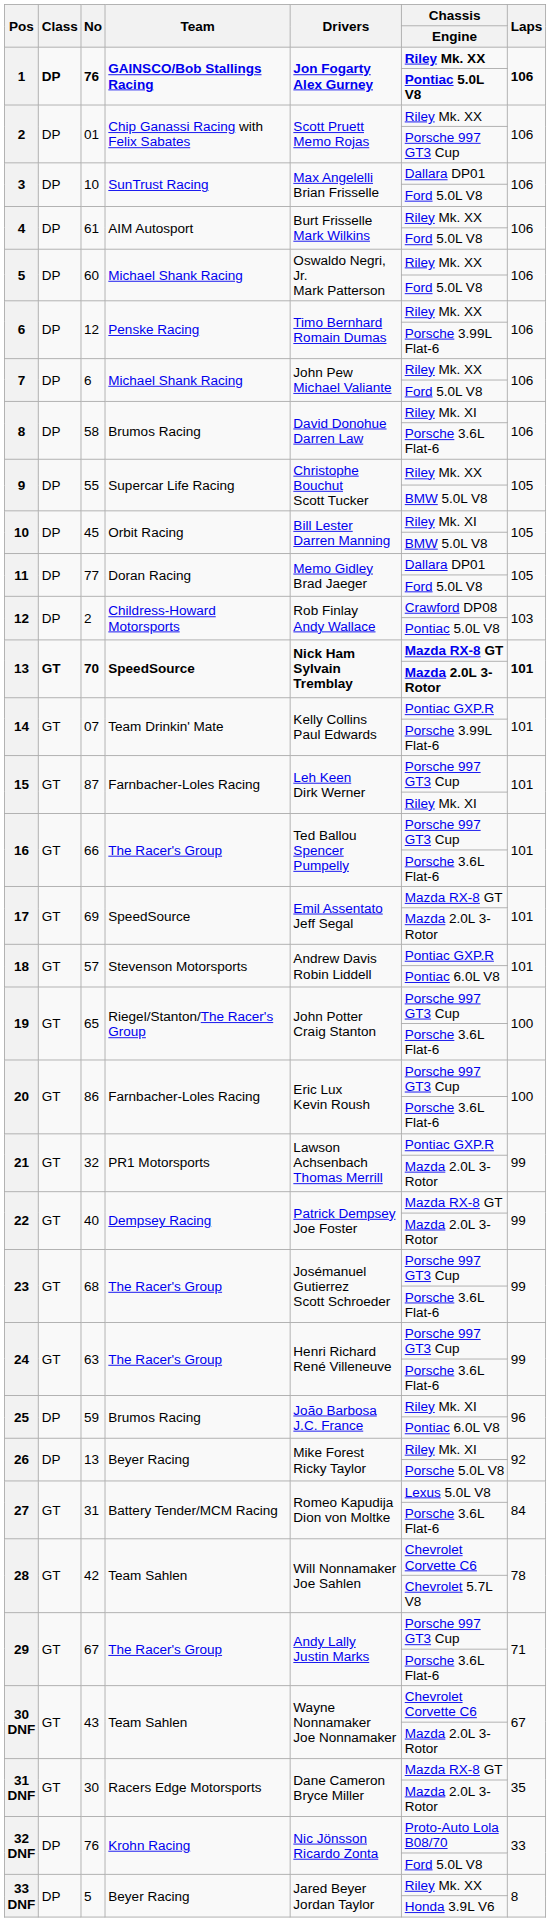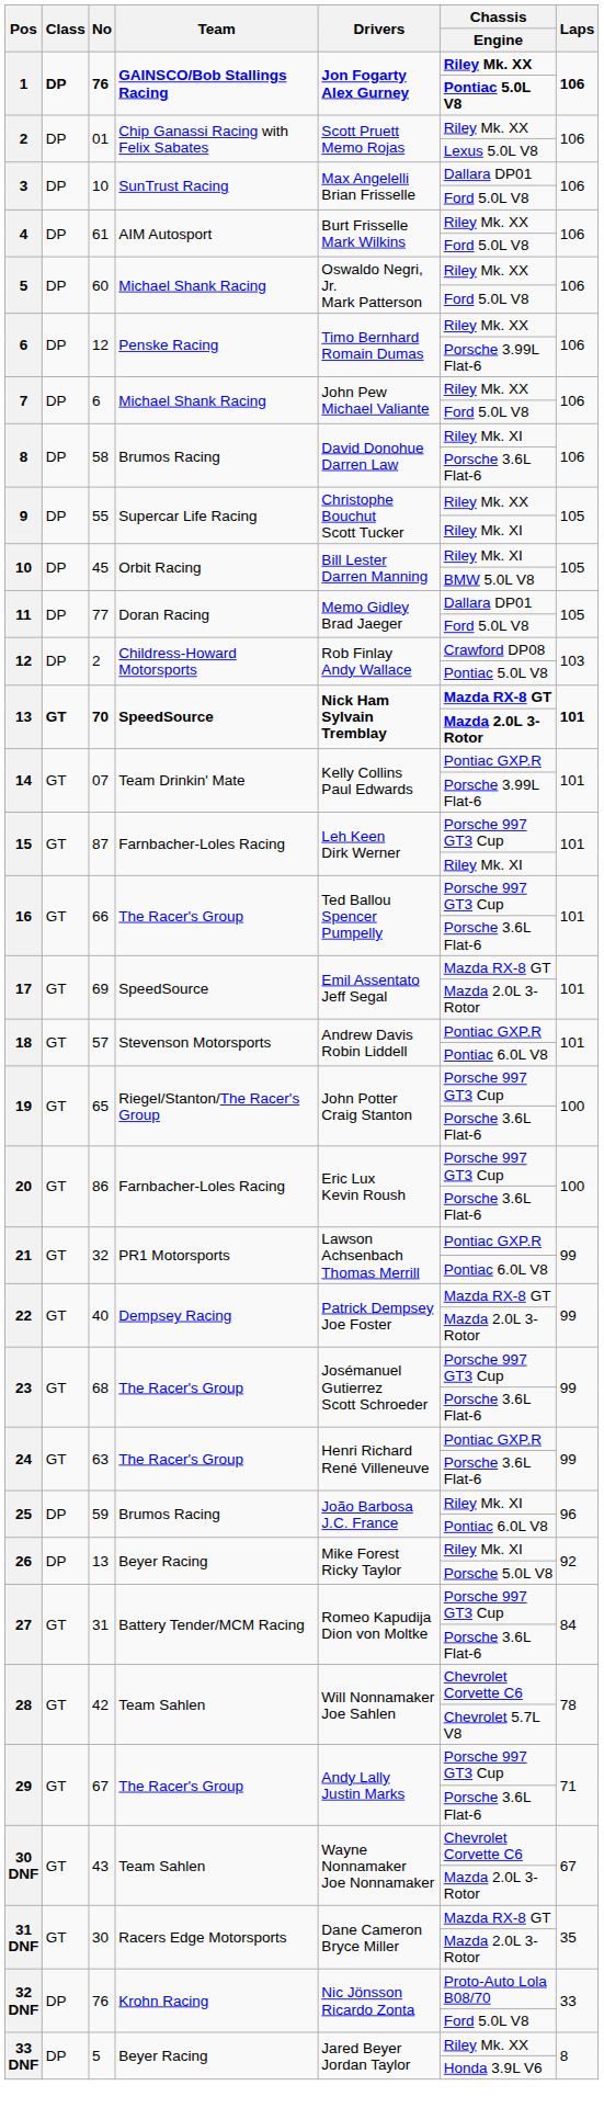 <table class="wikitable" style="font-size: 95%;">
 <tr>
 <th rowspan=2>Pos</th>
 <th rowspan=2>Class</th>
 <th rowspan=2>No</th>
 <th rowspan=2>Team</th>
 <th rowspan=2>Drivers</th>
 <th>Chassis</th>
 <th rowspan=2>Laps</th>
 </tr>
 <tr>
 <th>Engine</th>
 </tr>
 <tr style="font-weight:bold">
 <th rowspan=2>1</th>
 <td rowspan=2>DP</td>
 <td rowspan=2>76</td>
 <td rowspan=2><a href='#'>GAINSCO/Bob Stallings Racing</a></td>
 <td rowspan=2> <a href='#'>Jon Fogarty</a><br> <a href='#'>Alex Gurney</a></td>
 <td><a href='#'>Riley</a> Mk. XX</td>
 <td rowspan=2>106</td>
 </tr>
 <tr style="font-weight:bold">
 <td><a href='#'>Pontiac</a> 5.0L V8</td>
 </tr>
 <tr>
 <th rowspan=2>2</th>
 <td rowspan=2>DP</td>
 <td rowspan=2>01</td>
 <td rowspan=2><a href='#'>Chip Ganassi Racing</a> with <a href='#'>Felix Sabates</a></td>
 <td rowspan=2> <a href='#'>Scott Pruett</a><br> <a href='#'>Memo Rojas</a></td>
 <td><a href='#'>Riley</a> Mk. XX</td>
 <td rowspan=2>106</td>
 </tr>
 <tr>
-<td><a href='#'>Porsche 997 GT3</a> Cup</td>
+<td><a href='#'>Lexus</a> 5.0L V8</td>
 </tr>
 <tr>
 <th rowspan=2>3</th>
 <td rowspan=2>DP</td>
 <td rowspan=2>10</td>
 <td rowspan=2><a href='#'>SunTrust Racing</a></td>
 <td rowspan=2> <a href='#'>Max Angelelli</a><br> Brian Frisselle</td>
 <td><a href='#'>Dallara</a> DP01</td>
 <td rowspan=2>106</td>
 </tr>
 <tr>
 <td><a href='#'>Ford</a> 5.0L V8</td>
 </tr>
 <tr>
 <th rowspan=2>4</th>
 <td rowspan=2>DP</td>
 <td rowspan=2>61</td>
 <td rowspan=2>AIM Autosport</td>
 <td rowspan=2> Burt Frisselle<br> <a href='#'>Mark Wilkins</a></td>
 <td><a href='#'>Riley</a> Mk. XX</td>
 <td rowspan=2>106</td>
 </tr>
 <tr>
 <td><a href='#'>Ford</a> 5.0L V8</td>
 </tr>
 <tr>
 <th rowspan=2>5</th>
 <td rowspan=2>DP</td>
 <td rowspan=2>60</td>
 <td rowspan=2><a href='#'>Michael Shank Racing</a></td>
 <td rowspan=2> Oswaldo Negri, Jr.<br> Mark Patterson</td>
 <td><a href='#'>Riley</a> Mk. XX</td>
 <td rowspan=2>106</td>
 </tr>
 <tr>
 <td><a href='#'>Ford</a> 5.0L V8</td>
 </tr>
 <tr>
 <th rowspan=2>6</th>
 <td rowspan=2>DP</td>
 <td rowspan=2>12</td>
 <td rowspan=2><a href='#'>Penske Racing</a></td>
 <td rowspan=2> <a href='#'>Timo Bernhard</a><br> <a href='#'>Romain Dumas</a></td>
 <td><a href='#'>Riley</a> Mk. XX</td>
 <td rowspan=2>106</td>
 </tr>
 <tr>
 <td><a href='#'>Porsche</a> 3.99L Flat-6</td>
 </tr>
 <tr>
 <th rowspan=2>7</th>
 <td rowspan=2>DP</td>
 <td rowspan=2>6</td>
 <td rowspan=2><a href='#'>Michael Shank Racing</a></td>
 <td rowspan=2> John Pew<br> <a href='#'>Michael Valiante</a></td>
 <td><a href='#'>Riley</a> Mk. XX</td>
 <td rowspan=2>106</td>
 </tr>
 <tr>
 <td><a href='#'>Ford</a> 5.0L V8</td>
 </tr>
 <tr>
 <th rowspan=2>8</th>
 <td rowspan=2>DP</td>
 <td rowspan=2>58</td>
 <td rowspan=2>Brumos Racing</td>
 <td rowspan=2> <a href='#'>David Donohue</a><br> <a href='#'>Darren Law</a></td>
 <td><a href='#'>Riley</a> Mk. XI</td>
 <td rowspan=2>106</td>
 </tr>
 <tr>
 <td><a href='#'>Porsche</a> 3.6L Flat-6</td>
 </tr>
 <tr>
 <th rowspan=2>9</th>
 <td rowspan=2>DP</td>
 <td rowspan=2>55</td>
 <td rowspan=2>Supercar Life Racing</td>
 <td rowspan=2> <a href='#'>Christophe Bouchut</a><br> Scott Tucker</td>
 <td><a href='#'>Riley</a> Mk. XX</td>
 <td rowspan=2>105</td>
 </tr>
 <tr>
-<td><a href='#'>BMW</a> 5.0L V8</td>
+<td><a href='#'>Riley</a> Mk. XI</td>
 </tr>
 <tr>
 <th rowspan=2>10</th>
 <td rowspan=2>DP</td>
 <td rowspan=2>45</td>
 <td rowspan=2>Orbit Racing</td>
 <td rowspan=2> <a href='#'>Bill Lester</a><br> <a href='#'>Darren Manning</a></td>
 <td><a href='#'>Riley</a> Mk. XI</td>
 <td rowspan=2>105</td>
 </tr>
 <tr>
 <td><a href='#'>BMW</a> 5.0L V8</td>
 </tr>
 <tr>
 <th rowspan=2>11</th>
 <td rowspan=2>DP</td>
 <td rowspan=2>77</td>
 <td rowspan=2>Doran Racing</td>
 <td rowspan=2> <a href='#'>Memo Gidley</a><br> Brad Jaeger</td>
 <td><a href='#'>Dallara</a> DP01</td>
 <td rowspan=2>105</td>
 </tr>
 <tr>
 <td><a href='#'>Ford</a> 5.0L V8</td>
 </tr>
 <tr>
 <th rowspan=2>12</th>
 <td rowspan=2>DP</td>
 <td rowspan=2>2</td>
 <td rowspan=2><a href='#'>Childress-Howard Motorsports</a></td>
 <td rowspan=2> Rob Finlay<br> <a href='#'>Andy Wallace</a></td>
 <td><a href='#'>Crawford</a> DP08</td>
 <td rowspan=2>103</td>
 </tr>
 <tr>
 <td><a href='#'>Pontiac</a> 5.0L V8</td>
 </tr>
 <tr style="font-weight:bold">
 <th rowspan=2>13</th>
 <td rowspan=2>GT</td>
 <td rowspan=2>70</td>
 <td rowspan=2>SpeedSource</td>
 <td rowspan=2> Nick Ham<br> Sylvain Tremblay</td>
 <td><a href='#'>Mazda RX-8</a> GT</td>
 <td rowspan=2>101</td>
 </tr>
 <tr style="font-weight:bold">
 <td><a href='#'>Mazda</a> 2.0L 3-Rotor</td>
 </tr>
 <tr>
 <th rowspan=2>14</th>
 <td rowspan=2>GT</td>
 <td rowspan=2>07</td>
 <td rowspan=2>Team Drinkin' Mate</td>
 <td rowspan=2> Kelly Collins<br> Paul Edwards</td>
 <td><a href='#'>Pontiac GXP.R</a></td>
 <td rowspan=2>101</td>
 </tr>
 <tr>
 <td><a href='#'>Porsche</a> 3.99L Flat-6</td>
 </tr>
 <tr>
 <th rowspan=2>15</th>
 <td rowspan=2>GT</td>
 <td rowspan=2>87</td>
 <td rowspan=2>Farnbacher-Loles Racing</td>
 <td rowspan=2> <a href='#'>Leh Keen</a><br> Dirk Werner</td>
 <td><a href='#'>Porsche 997 GT3</a> Cup</td>
 <td rowspan=2>101</td>
 </tr>
 <tr>
 <td><a href='#'>Riley</a> Mk. XI</td>
 </tr>
 <tr>
 <th rowspan=2>16</th>
 <td rowspan=2>GT</td>
 <td rowspan=2>66</td>
 <td rowspan=2><a href='#'>The Racer's Group</a></td>
 <td rowspan=2> Ted Ballou<br> <a href='#'>Spencer Pumpelly</a></td>
 <td><a href='#'>Porsche 997 GT3</a> Cup</td>
 <td rowspan=2>101</td>
 </tr>
 <tr>
 <td><a href='#'>Porsche</a> 3.6L Flat-6</td>
 </tr>
 <tr>
 <th rowspan=2>17</th>
 <td rowspan=2>GT</td>
 <td rowspan=2>69</td>
 <td rowspan=2>SpeedSource</td>
 <td rowspan=2> <a href='#'>Emil Assentato</a><br> Jeff Segal</td>
 <td><a href='#'>Mazda RX-8</a> GT</td>
 <td rowspan=2>101</td>
 </tr>
 <tr>
 <td><a href='#'>Mazda</a> 2.0L 3-Rotor</td>
 </tr>
 <tr>
 <th rowspan=2>18</th>
 <td rowspan=2>GT</td>
 <td rowspan=2>57</td>
 <td rowspan=2>Stevenson Motorsports</td>
 <td rowspan=2> Andrew Davis<br> Robin Liddell</td>
 <td><a href='#'>Pontiac GXP.R</a></td>
 <td rowspan=2>101</td>
 </tr>
 <tr>
 <td><a href='#'>Pontiac</a> 6.0L V8</td>
 </tr>
 <tr>
 <th rowspan=2>19</th>
 <td rowspan=2>GT</td>
 <td rowspan=2>65</td>
 <td rowspan=2>Riegel/Stanton/<a href='#'>The Racer's Group</a></td>
 <td rowspan=2> John Potter<br> Craig Stanton</td>
 <td><a href='#'>Porsche 997 GT3</a> Cup</td>
 <td rowspan=2>100</td>
 </tr>
 <tr>
 <td><a href='#'>Porsche</a> 3.6L Flat-6</td>
 </tr>
 <tr>
 <th rowspan=2>20</th>
 <td rowspan=2>GT</td>
 <td rowspan=2>86</td>
 <td rowspan=2>Farnbacher-Loles Racing</td>
 <td rowspan=2> Eric Lux<br> Kevin Roush</td>
 <td><a href='#'>Porsche 997 GT3</a> Cup</td>
 <td rowspan=2>100</td>
 </tr>
 <tr>
 <td><a href='#'>Porsche</a> 3.6L Flat-6</td>
 </tr>
 <tr>
 <th rowspan=2>21</th>
 <td rowspan=2>GT</td>
 <td rowspan=2>32</td>
 <td rowspan=2>PR1 Motorsports</td>
 <td rowspan=2> Lawson Achsenbach<br> <a href='#'>Thomas Merrill</a></td>
 <td><a href='#'>Pontiac GXP.R</a></td>
 <td rowspan=2>99</td>
 </tr>
 <tr>
-<td><a href='#'>Mazda</a> 2.0L 3-Rotor</td>
+<td><a href='#'>Pontiac</a> 6.0L V8</td>
 </tr>
 <tr>
 <th rowspan=2>22</th>
 <td rowspan=2>GT</td>
 <td rowspan=2>40</td>
 <td rowspan=2><a href='#'>Dempsey Racing</a></td>
 <td rowspan=2> <a href='#'>Patrick Dempsey</a><br> Joe Foster</td>
 <td><a href='#'>Mazda RX-8</a> GT</td>
 <td rowspan=2>99</td>
 </tr>
 <tr>
 <td><a href='#'>Mazda</a> 2.0L 3-Rotor</td>
 </tr>
 <tr>
 <th rowspan=2>23</th>
 <td rowspan=2>GT</td>
 <td rowspan=2>68</td>
 <td rowspan=2><a href='#'>The Racer's Group</a></td>
 <td rowspan=2> Josémanuel Gutierrez<br> Scott Schroeder</td>
 <td><a href='#'>Porsche 997 GT3</a> Cup</td>
 <td rowspan=2>99</td>
 </tr>
 <tr>
 <td><a href='#'>Porsche</a> 3.6L Flat-6</td>
 </tr>
 <tr>
 <th rowspan=2>24</th>
 <td rowspan=2>GT</td>
 <td rowspan=2>63</td>
 <td rowspan=2><a href='#'>The Racer's Group</a></td>
 <td rowspan=2> Henri Richard<br> René Villeneuve</td>
-<td><a href='#'>Porsche 997 GT3</a> Cup</td>
+<td><a href='#'>Pontiac GXP.R</a></td>
 <td rowspan=2>99</td>
 </tr>
 <tr>
 <td><a href='#'>Porsche</a> 3.6L Flat-6</td>
 </tr>
 <tr>
 <th rowspan=2>25</th>
 <td rowspan=2>DP</td>
 <td rowspan=2>59</td>
 <td rowspan=2>Brumos Racing</td>
 <td rowspan=2> <a href='#'>João Barbosa</a><br> <a href='#'>J.C. France</a></td>
 <td><a href='#'>Riley</a> Mk. XI</td>
 <td rowspan=2>96</td>
 </tr>
 <tr>
 <td><a href='#'>Pontiac</a> 6.0L V8</td>
 </tr>
 <tr>
 <th rowspan=2>26</th>
 <td rowspan=2>DP</td>
 <td rowspan=2>13</td>
 <td rowspan=2>Beyer Racing</td>
 <td rowspan=2> Mike Forest<br> Ricky Taylor</td>
 <td><a href='#'>Riley</a> Mk. XI</td>
 <td rowspan=2>92</td>
 </tr>
 <tr>
 <td><a href='#'>Porsche</a> 5.0L V8</td>
 </tr>
 <tr>
 <th rowspan=2>27</th>
 <td rowspan=2>GT</td>
 <td rowspan=2>31</td>
 <td rowspan=2>Battery Tender/MCM Racing</td>
 <td rowspan=2> Romeo Kapudija<br> Dion von Moltke</td>
-<td><a href='#'>Lexus</a> 5.0L V8</td>
+<td><a href='#'>Porsche 997 GT3</a> Cup</td>
 <td rowspan=2>84</td>
 </tr>
 <tr>
 <td><a href='#'>Porsche</a> 3.6L Flat-6</td>
 </tr>
 <tr>
 <th rowspan=2>28</th>
 <td rowspan=2>GT</td>
 <td rowspan=2>42</td>
 <td rowspan=2>Team Sahlen</td>
 <td rowspan=2> Will Nonnamaker<br> Joe Sahlen</td>
 <td><a href='#'>Chevrolet Corvette C6</a></td>
 <td rowspan=2>78</td>
 </tr>
 <tr>
 <td><a href='#'>Chevrolet</a> 5.7L V8</td>
 </tr>
 <tr>
 <th rowspan=2>29</th>
 <td rowspan=2>GT</td>
 <td rowspan=2>67</td>
 <td rowspan=2><a href='#'>The Racer's Group</a></td>
 <td rowspan=2> <a href='#'>Andy Lally</a><br> <a href='#'>Justin Marks</a></td>
 <td><a href='#'>Porsche 997 GT3</a> Cup</td>
 <td rowspan=2>71</td>
 </tr>
 <tr>
 <td><a href='#'>Porsche</a> 3.6L Flat-6</td>
 </tr>
 <tr>
 <th rowspan=2>30<br>DNF</th>
 <td rowspan=2>GT</td>
 <td rowspan=2>43</td>
 <td rowspan=2>Team Sahlen</td>
 <td rowspan=2> Wayne Nonnamaker<br> Joe Nonnamaker</td>
 <td><a href='#'>Chevrolet Corvette C6</a></td>
 <td rowspan=2>67</td>
 </tr>
 <tr>
 <td><a href='#'>Mazda</a> 2.0L 3-Rotor</td>
 </tr>
 <tr>
 <th rowspan=2>31<br>DNF</th>
 <td rowspan=2>GT</td>
 <td rowspan=2>30</td>
 <td rowspan=2>Racers Edge Motorsports</td>
 <td rowspan=2> Dane Cameron<br> Bryce Miller</td>
 <td><a href='#'>Mazda RX-8</a> GT</td>
 <td rowspan=2>35</td>
 </tr>
 <tr>
 <td><a href='#'>Mazda</a> 2.0L 3-Rotor</td>
 </tr>
 <tr>
 <th rowspan=2>32<br>DNF</th>
 <td rowspan=2>DP</td>
 <td rowspan=2>76</td>
 <td rowspan=2><a href='#'>Krohn Racing</a></td>
 <td rowspan=2> <a href='#'>Nic Jönsson</a><br> <a href='#'>Ricardo Zonta</a></td>
 <td><a href='#'>Proto-Auto Lola B08/70</a></td>
 <td rowspan=2>33</td>
 </tr>
 <tr>
 <td><a href='#'>Ford</a> 5.0L V8</td>
 </tr>
 <tr>
 <th rowspan=2>33<br>DNF</th>
 <td rowspan=2>DP</td>
 <td rowspan=2>5</td>
 <td rowspan=2>Beyer Racing</td>
 <td rowspan=2> Jared Beyer<br> Jordan Taylor</td>
 <td><a href='#'>Riley</a> Mk. XX</td>
 <td rowspan=2>8</td>
 </tr>
 <tr>
 <td><a href='#'>Honda</a> 3.9L V6</td>
 </tr>
 </table>
